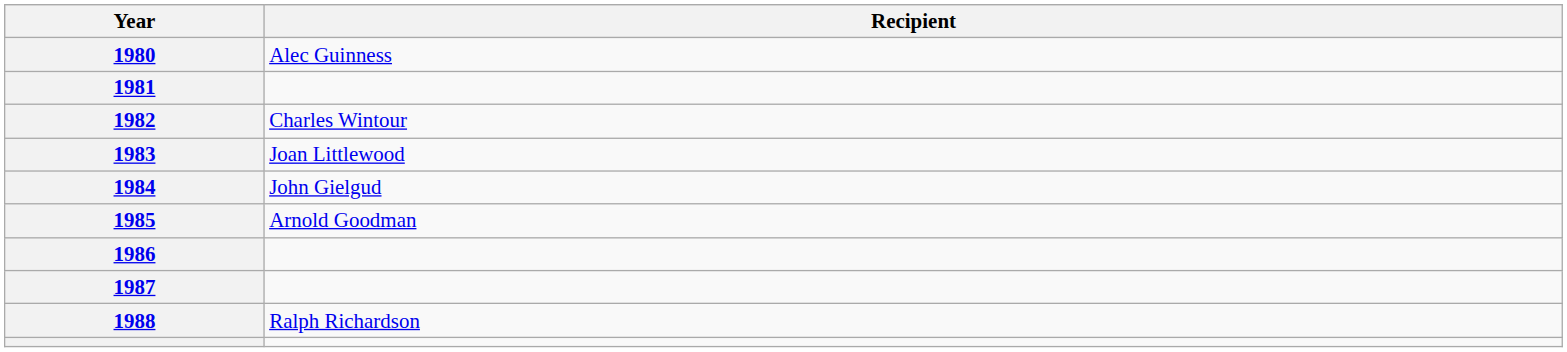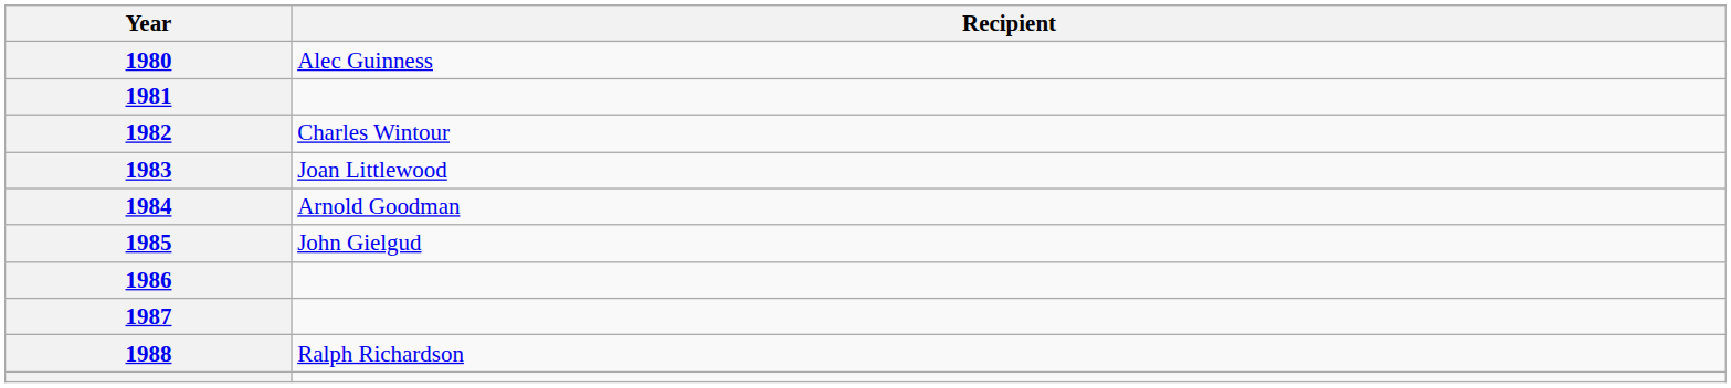 <table class="wikitable" style="width:60%;">
 <tr style="background:#bebebe;">
 <th style="width:15%;">Year</th>
 <th style="width:75%;">Recipient</th>
 </tr>
 <tr>
 <th><a href='#'>1980</a></th>
 <td><a href='#'>Alec Guinness</a></td>
 </tr>
 <tr>
 <th><a href='#'>1981</a></th>
 <td><em></em></td>
 </tr>
 <tr>
 <th><a href='#'>1982</a></th>
 <td><a href='#'>Charles Wintour</a></td>
 </tr>
 <tr>
 <th><a href='#'>1983</a></th>
 <td><a href='#'>Joan Littlewood</a></td>
 </tr>
 <tr>
 <th><a href='#'>1984</a></th>
-<td><a href='#'>John Gielgud</a></td>
+<td><a href='#'>Arnold Goodman</a></td>
 </tr>
 <tr>
 <th><a href='#'>1985</a></th>
-<td><a href='#'>Arnold Goodman</a></td>
+<td><a href='#'>John Gielgud</a></td>
 </tr>
 <tr>
 <th><a href='#'>1986</a></th>
 <td><em></em></td>
 </tr>
 <tr>
 <th><a href='#'>1987</a></th>
 <td><em></em></td>
 </tr>
 <tr>
 <th><a href='#'>1988</a></th>
 <td><a href='#'>Ralph Richardson</a></td>
 </tr>
 <tr>
 <th></th>
 <td><em></em></td>
 </tr>
 </table>
